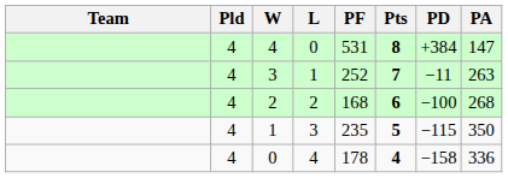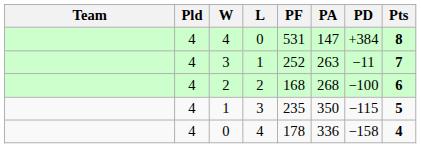 <table class=wikitable style="text-align:center">
 <tr>
 <th width=180>Team</th>
 <th width=30>Pld</th>
 <th width=30>W</th>
 <th width=30>L</th>
 <th width=30>PF</th>
+<th width=30>PA</th>
+<th width=30>PD</th>
 <th width=30>Pts</th>
-<th width=30>PD</th>
-<th width=30>PA</th>
 </tr>
 <tr bgcolor="#ccffcc">
 <td align="left"></td>
 <td>4</td>
 <td>4</td>
 <td>0</td>
 <td>531</td>
+<td>147</td>
+<td>+384</td>
 <td><strong>8</strong></td>
-<td>+384</td>
-<td>147</td>
 </tr>
 <tr bgcolor="#ccffcc">
 <td align="left"></td>
 <td>4</td>
 <td>3</td>
 <td>1</td>
 <td>252</td>
+<td>263</td>
+<td>−11</td>
 <td><strong>7</strong></td>
-<td>−11</td>
-<td>263</td>
 </tr>
 <tr bgcolor="#ccffcc">
 <td align="left"></td>
 <td>4</td>
 <td>2</td>
 <td>2</td>
 <td>168</td>
+<td>268</td>
+<td>−100</td>
 <td><strong>6</strong></td>
-<td>−100</td>
-<td>268</td>
 </tr>
 <tr>
 <td align="left"></td>
 <td>4</td>
 <td>1</td>
 <td>3</td>
 <td>235</td>
+<td>350</td>
+<td>−115</td>
 <td><strong>5</strong></td>
-<td>−115</td>
-<td>350</td>
 </tr>
 <tr>
 <td align="left"></td>
 <td>4</td>
 <td>0</td>
 <td>4</td>
 <td>178</td>
+<td>336</td>
+<td>−158</td>
 <td><strong>4</strong></td>
-<td>−158</td>
-<td>336</td>
 </tr>
 </table>
